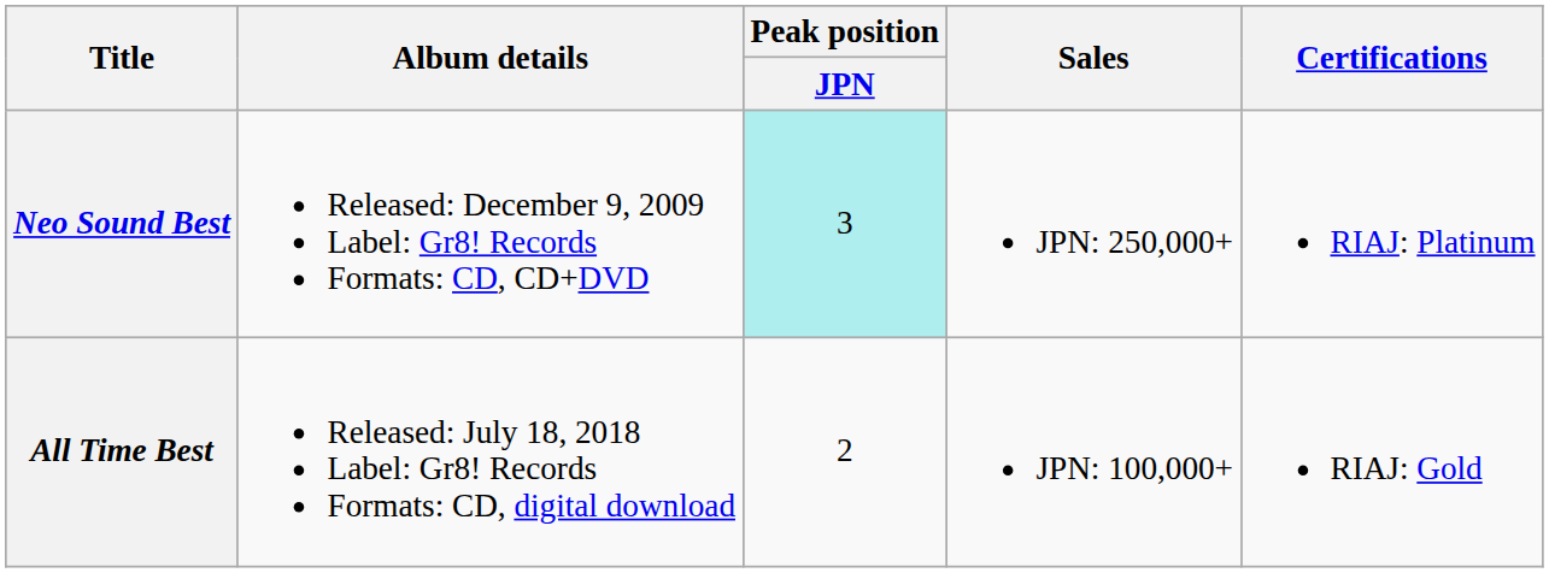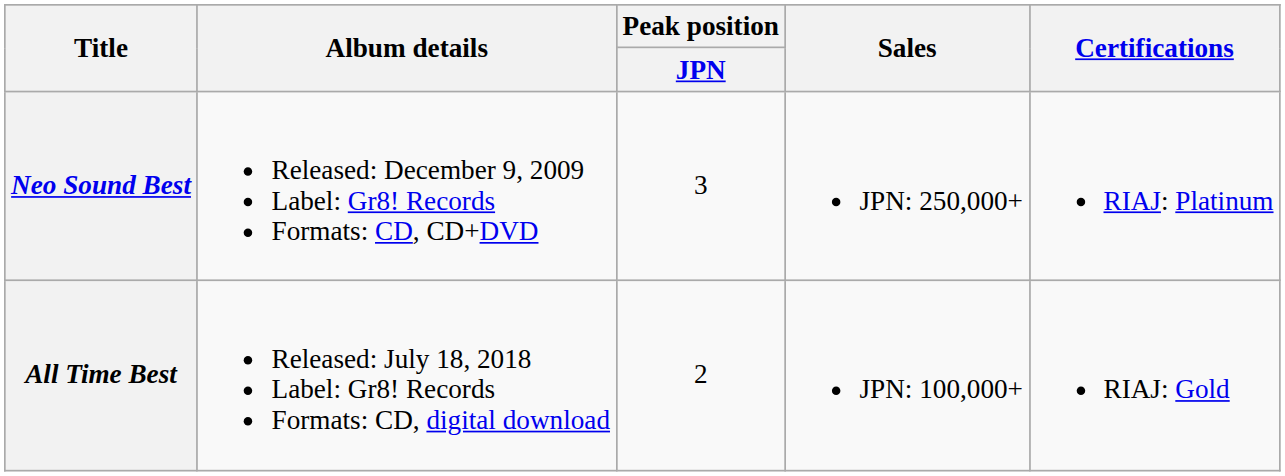 <table class="wikitable plainrowheaders">
 <tr>
 <th scope="col" rowspan="2">Title</th>
 <th scope="col" rowspan="2">Album details</th>
 <th scope="col" colspan="1">Peak position</th>
 <th scope="col" rowspan="2">Sales</th>
 <th scope="col" rowspan="2"><a href='#'>Certifications</a></th>
 </tr>
 <tr>
 <th scope="col"><a href='#'>JPN</a><br></th>
 </tr>
 <tr>
 <th scope="row"><em><a href='#'>Neo Sound Best</a></em></th>
 <td><br><ul><li>Released: December 9, 2009</li><li>Label: <a href='#'>Gr8! Records</a></li><li>Formats: <a href='#'>CD</a>, CD+<a href='#'>DVD</a></li></ul></td>
-<td align="center" style="background: paleturquoise;">3</td>
+<td align="center">3</td>
 <td><br><ul><li>JPN: 250,000+</li></ul></td>
 <td><br><ul><li><a href='#'>RIAJ</a>: <a href='#'>Platinum</a></li></ul></td>
 </tr>
 <tr>
 <th scope="row"><em>All Time Best</em></th>
 <td><br><ul><li>Released: July 18, 2018</li><li>Label: Gr8! Records</li><li>Formats: CD, <a href='#'>digital download</a></li></ul></td>
 <td align="center">2</td>
 <td><br><ul><li>JPN: 100,000+</li></ul></td>
 <td><br><ul><li>RIAJ: <a href='#'>Gold</a></li></ul></td>
 </tr>
 </table>
